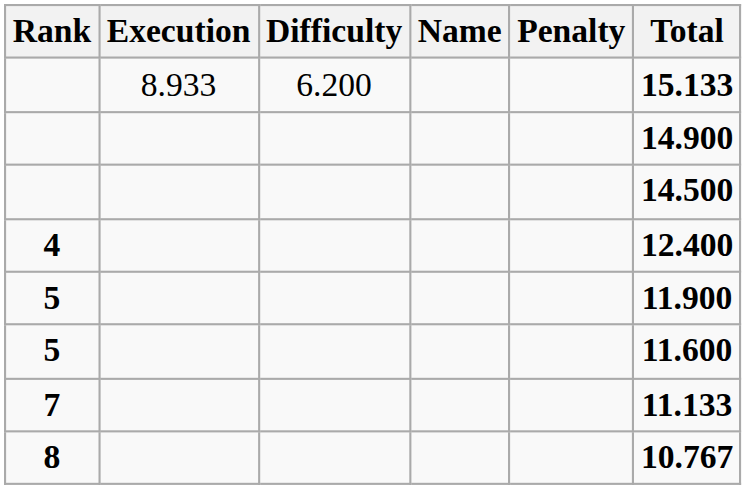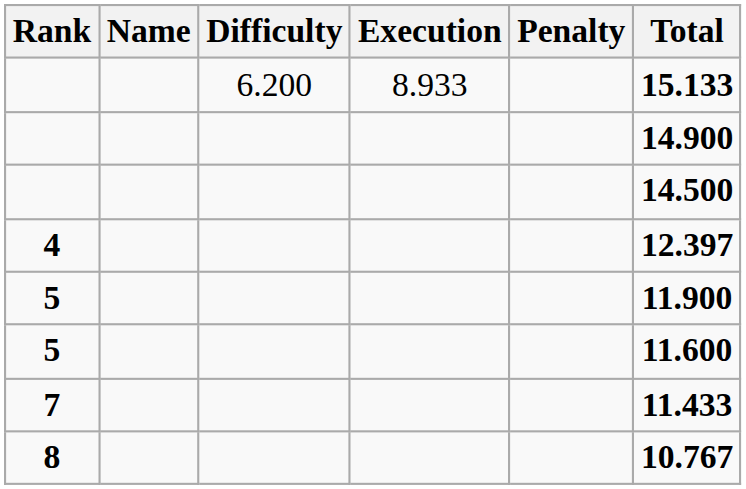 <table class="wikitable sortable" style="text-align:center">
 <tr>
 <th>Rank</th>
+<th>Name</th>
+<th>Difficulty</th>
 <th>Execution</th>
-<th>Difficulty</th>
-<th>Name</th>
 <th>Penalty</th>
 <th>Total</th>
 </tr>
 <tr>
 <td></td>
+<td align="left"></td>
+<td>6.200</td>
 <td>8.933</td>
-<td>6.200</td>
-<td align="left"></td>
 <td></td>
 <td><strong>15.133</strong></td>
 </tr>
 <tr>
 <td></td>
+<td align="left"></td>
 <td></td>
 <td></td>
-<td align="left"></td>
 <td></td>
 <td><strong>14.900</strong></td>
 </tr>
 <tr>
 <td></td>
+<td align="left"></td>
 <td></td>
 <td></td>
-<td align="left"></td>
 <td></td>
 <td><strong>14.500</strong></td>
 </tr>
 <tr>
 <td><strong>4</strong></td>
+<td align="left"></td>
 <td></td>
 <td></td>
-<td align="left"></td>
 <td></td>
-<td><strong>12.400</strong></td>
+<td><strong>12.397</strong></td>
 </tr>
 <tr>
 <td><strong>5</strong></td>
+<td align="left"></td>
 <td></td>
 <td></td>
-<td align="left"></td>
 <td></td>
 <td><strong>11.900</strong></td>
 </tr>
 <tr>
 <td><strong>5</strong></td>
+<td align="left"></td>
 <td></td>
 <td></td>
-<td align="left"></td>
 <td></td>
 <td><strong>11.600</strong></td>
 </tr>
 <tr>
 <td><strong>7</strong></td>
+<td align="left"></td>
 <td></td>
 <td></td>
-<td align="left"></td>
 <td></td>
-<td><strong>11.133</strong></td>
+<td><strong>11.433</strong></td>
 </tr>
 <tr>
 <td><strong>8</strong></td>
+<td align="left"></td>
 <td></td>
 <td></td>
-<td align="left"></td>
 <td></td>
 <td><strong>10.767</strong></td>
 </tr>
 </table>
